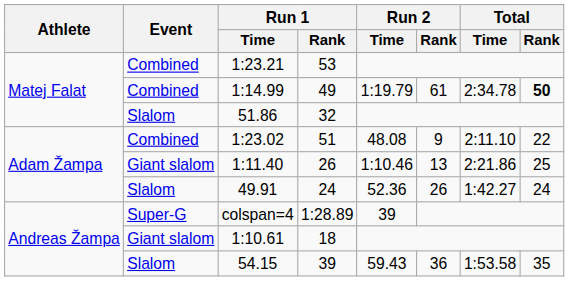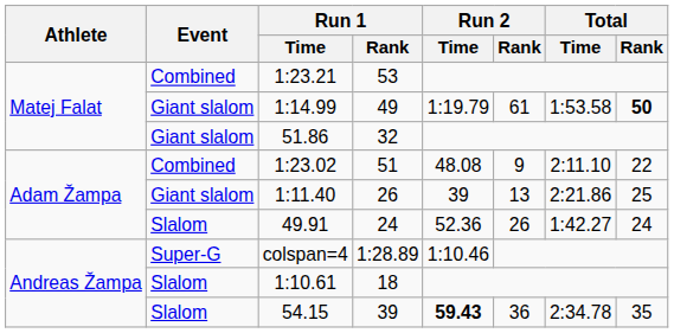 <table class="wikitable" style="font-size:90%">
 <tr>
 <th rowspan=2>Athlete</th>
 <th rowspan=2>Event</th>
 <th colspan=2>Run 1</th>
 <th colspan=2>Run 2</th>
 <th colspan=2>Total</th>
 </tr>
 <tr style="font-size:95%">
 <th>Time</th>
 <th>Rank</th>
 <th>Time</th>
 <th>Rank</th>
 <th>Time</th>
 <th>Rank</th>
 </tr>
 <tr align=center>
 <td align=left rowspan=3><a href='#'>Matej Falat</a></td>
 <td align=left><a href='#'>Combined</a></td>
 <td>1:23.21</td>
 <td>53</td>
 <td colspan=4></td>
 </tr>
 <tr align=center>
-<td align=left><a href='#'>Combined</a></td>
+<td align=left><a href='#'>Giant slalom</a></td>
 <td>1:14.99</td>
 <td>49</td>
 <td>1:19.79</td>
 <td>61</td>
-<td>2:34.78</td>
+<td>1:53.58</td>
 <td><strong>50</strong></td>
 </tr>
 <tr align=center>
-<td align=left><a href='#'>Slalom</a></td>
+<td align=left><a href='#'>Giant slalom</a></td>
 <td>51.86</td>
 <td>32</td>
 <td colspan=4></td>
 </tr>
 <tr align=center>
 <td align=left rowspan=3><a href='#'>Adam Žampa</a></td>
 <td align=left><a href='#'>Combined</a></td>
 <td>1:23.02</td>
 <td>51</td>
 <td>48.08</td>
 <td>9</td>
 <td>2:11.10</td>
 <td>22</td>
 </tr>
 <tr align=center>
 <td align=left><a href='#'>Giant slalom</a></td>
 <td>1:11.40</td>
 <td>26</td>
-<td>1:10.46</td>
+<td>39</td>
 <td>13</td>
 <td>2:21.86</td>
 <td>25</td>
 </tr>
 <tr align=center>
 <td align=left><a href='#'>Slalom</a></td>
 <td>49.91</td>
 <td>24</td>
 <td>52.36</td>
 <td>26</td>
 <td>1:42.27</td>
 <td>24</td>
 </tr>
 <tr align=center>
 <td align=left rowspan=3><a href='#'>Andreas Žampa</a></td>
 <td align=left><a href='#'>Super-G</a></td>
 <td>colspan=4 </td>
 <td>1:28.89</td>
-<td>39</td>
+<td>1:10.46</td>
 </tr>
 <tr align=center>
-<td align=left><a href='#'>Giant slalom</a></td>
+<td align=left><a href='#'>Slalom</a></td>
 <td>1:10.61</td>
 <td>18</td>
 <td colspan=4></td>
 </tr>
 <tr align=center>
 <td align=left><a href='#'>Slalom</a></td>
 <td>54.15</td>
 <td>39</td>
-<td>59.43</td>
+<td><strong>59.43</strong></td>
 <td>36</td>
-<td>1:53.58</td>
+<td>2:34.78</td>
 <td>35</td>
 </tr>
 </table>
